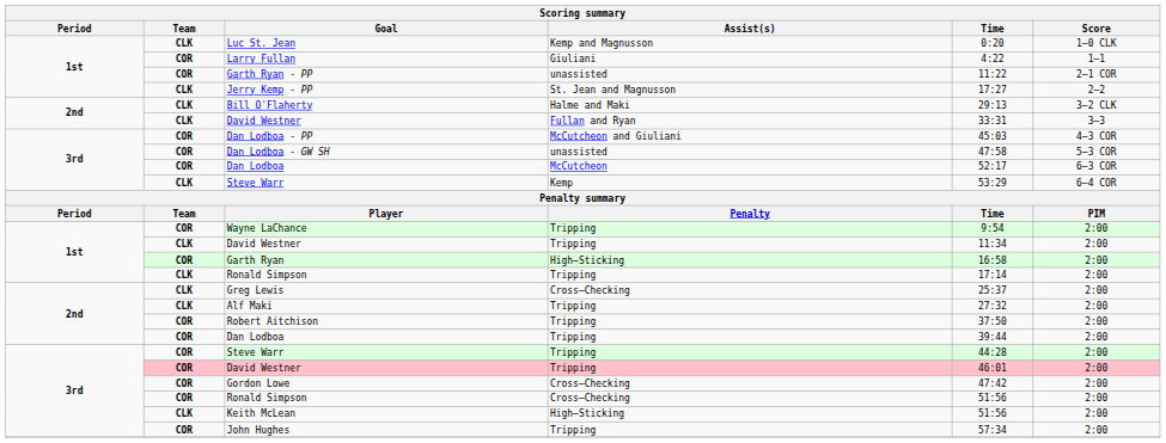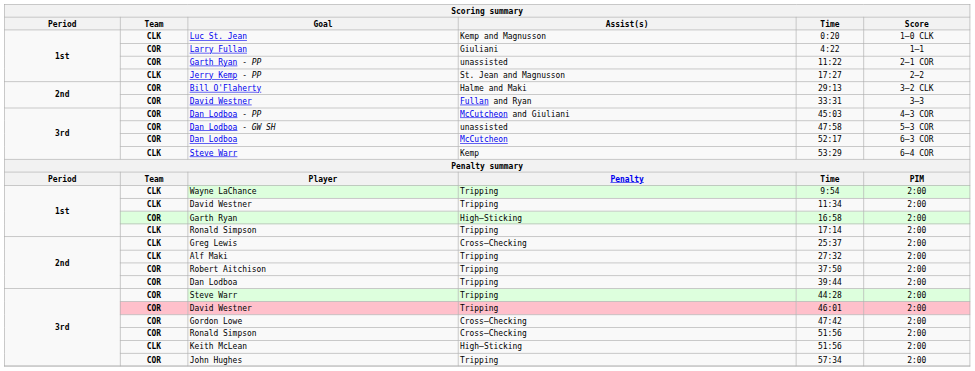 <table style="width:100%;" class="wikitable">
 <tr>
 <th colspan=6>Scoring summary</th>
 </tr>
 <tr>
 <th style="width:12%;">Period</th>
 <th style="width:7%;">Team</th>
 <th style="width:28%;">Goal</th>
 <th style="width:35%;">Assist(s)</th>
 <th style="width:7%;">Time</th>
 <th style="width:11%;">Score</th>
 </tr>
 <tr>
 <td style="text-align:center;" rowspan="4"><strong>1st</strong></td>
 <td align=center><strong>CLK</strong></td>
 <td><a href='#'>Luc St. Jean</a></td>
 <td>Kemp and Magnusson</td>
 <td align=center>0:20</td>
 <td align=center>1–0 CLK</td>
 </tr>
 <tr>
 <td align=center><strong>COR</strong></td>
 <td><a href='#'>Larry Fullan</a></td>
 <td>Giuliani</td>
 <td align=center>4:22</td>
 <td align=center>1–1</td>
 </tr>
 <tr>
 <td align=center><strong>COR</strong></td>
 <td><a href='#'>Garth Ryan</a> - <em>PP</em></td>
 <td>unassisted</td>
 <td align=center>11:22</td>
 <td align=center>2–1 COR</td>
 </tr>
 <tr>
 <td align=center><strong>CLK</strong></td>
 <td><a href='#'>Jerry Kemp</a> - <em>PP</em></td>
 <td>St. Jean and Magnusson</td>
 <td align=center>17:27</td>
 <td align=center>2–2</td>
 </tr>
 <tr>
 <td style="text-align:center;" rowspan="2"><strong>2nd</strong></td>
-<td align=center><strong>CLK</strong></td>
+<td align=center><strong>COR</strong></td>
 <td><a href='#'>Bill O'Flaherty</a></td>
 <td>Halme and Maki</td>
 <td align=center>29:13</td>
 <td align=center>3–2 CLK</td>
 </tr>
 <tr>
-<td align=center><strong>CLK</strong></td>
+<td align=center><strong>COR</strong></td>
 <td><a href='#'>David Westner</a></td>
 <td><a href='#'>Fullan</a> and Ryan</td>
 <td align=center>33:31</td>
 <td align=center>3–3</td>
 </tr>
 <tr>
 <td style="text-align:center;" rowspan="4"><strong>3rd</strong></td>
 <td align=center><strong>COR</strong></td>
 <td><a href='#'>Dan Lodboa</a> - <em>PP</em></td>
 <td><a href='#'>McCutcheon</a> and Giuliani</td>
 <td align=center>45:03</td>
 <td align=center>4–3 COR</td>
 </tr>
 <tr>
 <td align=center><strong>COR</strong></td>
 <td><a href='#'>Dan Lodboa</a> - <em>GW SH</em></td>
 <td>unassisted</td>
 <td align=center>47:58</td>
 <td align=center>5–3 COR</td>
 </tr>
 <tr>
 <td align=center><strong>COR</strong></td>
 <td><a href='#'>Dan Lodboa</a></td>
 <td><a href='#'>McCutcheon</a></td>
 <td align=center>52:17</td>
 <td align=center>6–3 COR</td>
 </tr>
 <tr>
 <td align=center><strong>CLK</strong></td>
 <td><a href='#'>Steve Warr</a></td>
 <td>Kemp</td>
 <td align=center>53:29</td>
 <td align=center>6–4 COR</td>
 </tr>
 <tr>
 <th colspan=6>Penalty summary</th>
 </tr>
 <tr>
 <th style="width:12%;">Period</th>
 <th style="width:7%;">Team</th>
 <th style="width:28%;">Player</th>
 <th style="width:35%;"><a href='#'>Penalty</a></th>
 <th style="width:7%;">Time</th>
 <th style="width:11%;">PIM</th>
 </tr>
 <tr>
 <td style="text-align:center;" rowspan="4"><strong>1st</strong></td>
-<td align=center><strong>COR</strong></td>
+<td align=center><strong>CLK</strong></td>
 <td bgcolor=ddffdd>Wayne LaChance</td>
 <td bgcolor=ddffdd>Tripping</td>
 <td align=center bgcolor=ddffdd>9:54</td>
 <td align=center bgcolor=ddffdd>2:00</td>
 </tr>
 <tr>
 <td align=center><strong>CLK</strong></td>
 <td>David Westner</td>
 <td>Tripping</td>
 <td align=center>11:34</td>
 <td align=center>2:00</td>
 </tr>
 <tr bgcolor=ddffdd>
 <td align=center><strong>COR</strong></td>
 <td>Garth Ryan</td>
 <td>High–Sticking</td>
 <td align=center>16:58</td>
 <td align=center>2:00</td>
 </tr>
 <tr>
 <td align=center><strong>CLK</strong></td>
 <td>Ronald Simpson</td>
 <td>Tripping</td>
 <td align=center>17:14</td>
 <td align=center>2:00</td>
 </tr>
 <tr>
 <td style="text-align:center;" rowspan="4"><strong>2nd</strong></td>
 <td align=center><strong>CLK</strong></td>
 <td>Greg Lewis</td>
 <td>Cross–Checking</td>
 <td align=center>25:37</td>
 <td align=center>2:00</td>
 </tr>
 <tr>
 <td align=center><strong>CLK</strong></td>
 <td>Alf Maki</td>
 <td>Tripping</td>
 <td align=center>27:32</td>
 <td align=center>2:00</td>
 </tr>
 <tr>
 <td align=center><strong>COR</strong></td>
 <td>Robert Aitchison</td>
 <td>Tripping</td>
 <td align=center>37:50</td>
 <td align=center>2:00</td>
 </tr>
 <tr>
 <td align=center><strong>COR</strong></td>
 <td>Dan Lodboa</td>
 <td>Tripping</td>
 <td align=center>39:44</td>
 <td align=center>2:00</td>
 </tr>
 <tr>
 <td style="text-align:center;" rowspan="6"><strong>3rd</strong></td>
 <td align=center><strong>COR</strong></td>
 <td bgcolor=ddffdd>Steve Warr</td>
 <td bgcolor=ddffdd>Tripping</td>
 <td align=center bgcolor=ddffdd>44:28</td>
 <td align=center bgcolor=ddffdd>2:00</td>
 </tr>
 <tr bgcolor=pink>
 <td align=center><strong>COR</strong></td>
 <td>David Westner</td>
 <td>Tripping</td>
 <td align=center>46:01</td>
 <td align=center>2:00</td>
 </tr>
 <tr>
 <td align=center><strong>COR</strong></td>
 <td>Gordon Lowe</td>
 <td>Cross–Checking</td>
 <td align=center>47:42</td>
 <td align=center>2:00</td>
 </tr>
 <tr>
 <td align=center><strong>COR</strong></td>
 <td>Ronald Simpson</td>
 <td>Cross–Checking</td>
 <td align=center>51:56</td>
 <td align=center>2:00</td>
 </tr>
 <tr>
 <td align=center><strong>CLK</strong></td>
 <td>Keith McLean</td>
 <td>High–Sticking</td>
 <td align=center>51:56</td>
 <td align=center>2:00</td>
 </tr>
 <tr>
 <td align=center><strong>COR</strong></td>
 <td>John Hughes</td>
 <td>Tripping</td>
 <td align=center>57:34</td>
 <td align=center>2:00</td>
 </tr>
 <tr>
 </tr>
 </table>
